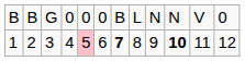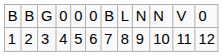 <table class="wikitable">
 <tr>
 <td>B</td>
 <td>B</td>
 <td>G</td>
 <td>0</td>
 <td>0</td>
 <td>0</td>
 <td>B</td>
 <td>L</td>
 <td>N</td>
 <td>N</td>
 <td>V</td>
 <td>0</td>
 </tr>
 <tr>
 <td>1</td>
 <td>2</td>
 <td>3</td>
 <td>4</td>
-<td style="background: pink;">5</td>
+<td>5</td>
 <td>6</td>
-<td><strong>7</strong></td>
+<td>7</td>
 <td>8</td>
 <td>9</td>
-<td><strong>10</strong></td>
+<td>10</td>
 <td>11</td>
 <td>12</td>
 </tr>
 </table>
